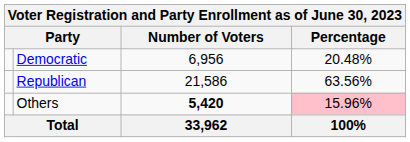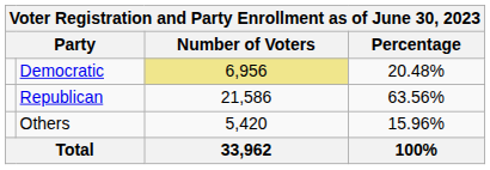 <table class=wikitable>
 <tr>
 <th colspan = 6>Voter Registration and Party Enrollment as of June 30, 2023</th>
 </tr>
 <tr>
 <th colspan = 2>Party</th>
 <th>Number of Voters</th>
 <th>Percentage</th>
 </tr>
 <tr>
 <td></td>
 <td><a href='#'>Democratic</a></td>
-<td align = center>6,956</td>
+<td align = center style="background: khaki;">6,956</td>
 <td align = center>20.48%</td>
 </tr>
 <tr>
 <td></td>
 <td><a href='#'>Republican</a></td>
 <td align = center>21,586</td>
 <td align = center>63.56%</td>
 </tr>
 <tr>
 <td></td>
 <td>Others</td>
-<td align = center><strong>5,420</strong></td>
-<td align = center style="background: pink;">15.96%</td>
+<td align = center>5,420</td>
+<td align = center>15.96%</td>
 </tr>
 <tr>
 <th colspan = 2>Total</th>
 <th align = center>33,962</th>
 <th align = center>100%</th>
 </tr>
 </table>
